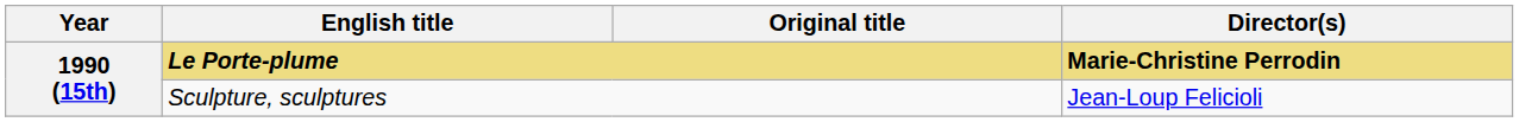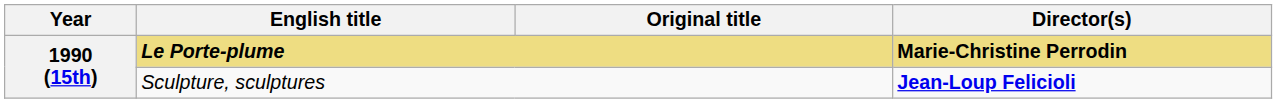 <table class="wikitable">
 <tr>
 <th width="100">Year</th>
 <th width="300">English title</th>
 <th width="300">Original title</th>
 <th width="300">Director(s)</th>
 </tr>
 <tr>
 <th rowspan="2" style="text-align:center;">1990<br>(<a href='#'>15th</a>)</th>
 <td colspan="2" style="background:#eedd82;"><strong><em>Le Porte-plume</em></strong></td>
 <td style="background:#eedd82;"><strong>Marie-Christine Perrodin</strong></td>
 </tr>
 <tr>
 <td colspan="2"><em>Sculpture, sculptures</em></td>
-<td><a href='#'>Jean-Loup Felicioli</a></td>
+<td><strong><a href='#'>Jean-Loup Felicioli</a></strong></td>
 </tr>
 </table>
